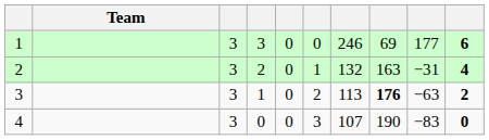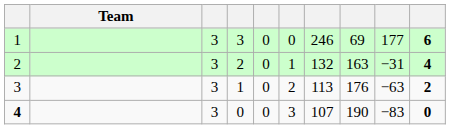 <table class=wikitable style=text-align:center>
 <tr>
 <th width=20 abbr=Position></th>
 <th width=175>Team</th>
 <th width=20 abbr=Played></th>
 <th width=20 abbr=Won></th>
 <th width=20 abbr=Drawn></th>
 <th width=20 abbr=Lost></th>
 <th width=30 abbr=Goal For></th>
 <th width=30 abbr=Goal Against></th>
 <th width=30 abbr=Goal Difference></th>
 <th width=30 abbr=Points></th>
 </tr>
 <tr bgcolor=#CCFFCC>
 <td>1 </td>
 <td align=left></td>
 <td>3</td>
 <td>3</td>
 <td>0</td>
 <td>0</td>
 <td>246</td>
 <td>69</td>
 <td>177</td>
 <td><strong>6</strong></td>
 </tr>
 <tr bgcolor=#CCFFCC>
 <td>2 </td>
 <td align=left></td>
 <td>3</td>
 <td>2</td>
 <td>0</td>
 <td>1</td>
 <td>132</td>
 <td>163</td>
 <td>−31</td>
 <td><strong>4</strong></td>
 </tr>
 <tr>
 <td>3 </td>
 <td align=left></td>
 <td>3</td>
 <td>1</td>
 <td>0</td>
 <td>2</td>
 <td>113</td>
-<td><strong>176</strong></td>
+<td>176</td>
 <td>−63</td>
 <td><strong>2</strong></td>
 </tr>
 <tr>
-<td>4 </td>
+<td><strong>4 </strong></td>
 <td align=left></td>
 <td>3</td>
 <td>0</td>
 <td>0</td>
 <td>3</td>
 <td>107</td>
 <td>190</td>
 <td>−83</td>
 <td><strong>0</strong></td>
 </tr>
 </table>
